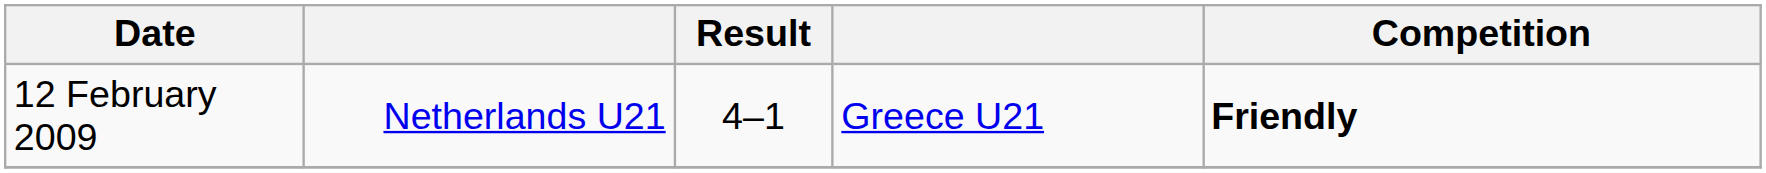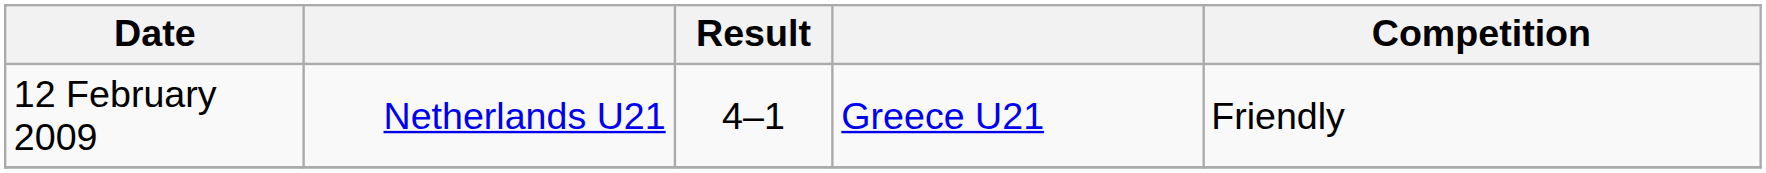 <table class="wikitable">
 <tr>
 <th width=120>Date</th>
 <th width=150></th>
 <th width=60>Result</th>
 <th width=150></th>
 <th width=230>Competition</th>
 </tr>
 <tr>
 <td>12 February 2009</td>
 <td align=right><a href='#'>Netherlands U21</a> </td>
 <td align=center>4–1</td>
 <td> <a href='#'>Greece U21</a></td>
-<td><strong>Friendly</strong></td>
+<td>Friendly</td>
 </tr>
 <tr>
 </tr>
 </table>
